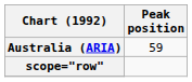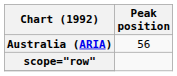 <table class="wikitable sortable plainrowheaders">
 <tr>
 <th scope="col">Chart (1992)</th>
 <th scope="col">Peak<br>position</th>
 </tr>
 <tr>
 <th scope="row">Australia (<a href='#'>ARIA</a>)</th>
-<td align=center>59</td>
+<td align=center>56</td>
 </tr>
 <tr>
 <th>scope="row"</th>
 </tr>
 <tr>
 </tr>
 </table>
